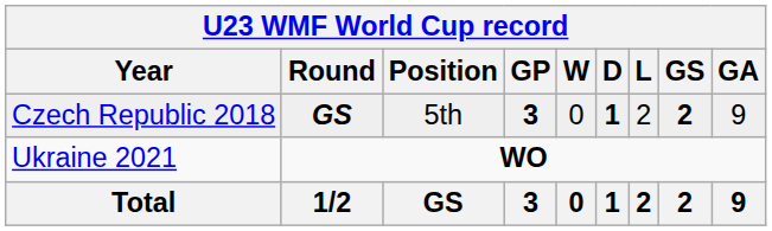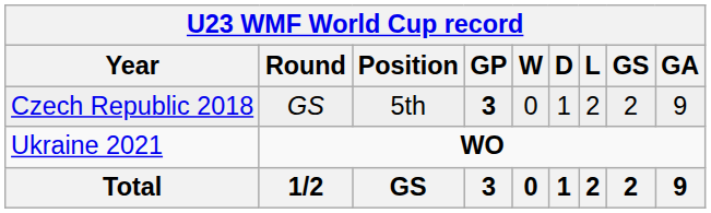 <table class="wikitable" style="text-align: center;">
 <tr>
 <th colspan=9><a href='#'>U23 WMF World Cup record</a></th>
 </tr>
 <tr>
 <th>Year</th>
 <th>Round</th>
 <th>Position</th>
 <th>GP</th>
 <th>W</th>
 <th>D</th>
 <th>L</th>
 <th>GS</th>
 <th>GA</th>
 </tr>
 <tr bgcolor="efefef">
 <td align=left> <a href='#'>Czech Republic 2018</a></td>
-<td><strong><em>GS</em></strong></td>
+<td><em>GS</em></td>
 <td>5th</td>
 <td><strong>3</strong></td>
 <td>0</td>
-<td><strong>1</strong></td>
+<td>1</td>
 <td>2</td>
-<td><strong>2</strong></td>
+<td>2</td>
 <td>9</td>
 </tr>
 <tr>
 <td align=left><a href='#'>Ukraine 2021</a></td>
 <td colspan=9 align=center><strong>WO</strong></td>
 </tr>
 <tr>
 <th>Total</th>
 <th>1/2</th>
 <th>GS</th>
 <th>3</th>
 <th>0</th>
 <th>1</th>
 <th>2</th>
 <th>2</th>
 <th>9</th>
 </tr>
 </table>
